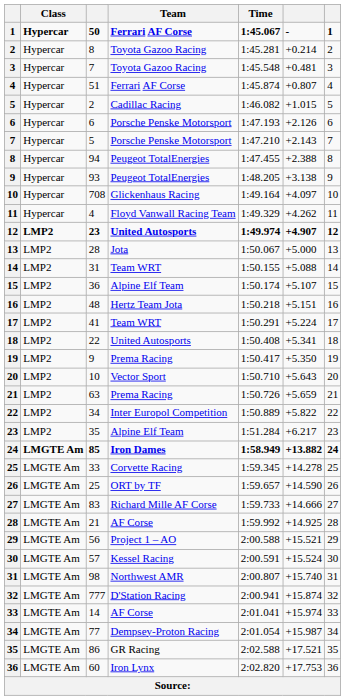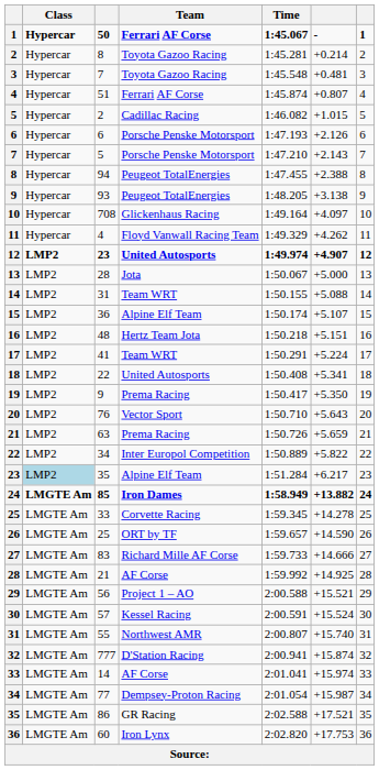 <table class="wikitable" style="font-size:85%;">
 <tr>
 <th></th>
 <th>Class</th>
 <th></th>
 <th>Team</th>
 <th>Time</th>
 <th></th>
 <th></th>
 </tr>
 <tr style="font-weight:bold">
 <th>1</th>
 <td>Hypercar</td>
 <td>50</td>
 <td> <a href='#'>Ferrari</a> <a href='#'>AF Corse</a></td>
 <td>1:45.067</td>
 <td>-</td>
 <td>1</td>
 </tr>
 <tr>
 <th>2</th>
 <td>Hypercar</td>
 <td>8</td>
 <td> <a href='#'>Toyota Gazoo Racing</a></td>
 <td>1:45.281</td>
 <td>+0.214</td>
 <td>2</td>
 </tr>
 <tr>
 <th>3</th>
 <td>Hypercar</td>
 <td>7</td>
 <td> <a href='#'>Toyota Gazoo Racing</a></td>
 <td>1:45.548</td>
 <td>+0.481</td>
 <td>3</td>
 </tr>
 <tr>
 <th>4</th>
 <td>Hypercar</td>
 <td>51</td>
 <td> <a href='#'>Ferrari</a> <a href='#'>AF Corse</a></td>
 <td>1:45.874</td>
 <td>+0.807</td>
 <td>4</td>
 </tr>
 <tr>
 <th>5</th>
 <td>Hypercar</td>
 <td>2</td>
 <td> <a href='#'>Cadillac Racing</a></td>
 <td>1:46.082</td>
 <td>+1.015</td>
 <td>5</td>
 </tr>
 <tr>
 <th>6</th>
 <td>Hypercar</td>
 <td>6</td>
 <td> <a href='#'>Porsche Penske Motorsport</a></td>
 <td>1:47.193</td>
 <td>+2.126</td>
 <td>6</td>
 </tr>
 <tr>
 <th>7</th>
 <td>Hypercar</td>
 <td>5</td>
 <td> <a href='#'>Porsche Penske Motorsport</a></td>
 <td>1:47.210</td>
 <td>+2.143</td>
 <td>7</td>
 </tr>
 <tr>
 <th>8</th>
 <td>Hypercar</td>
 <td>94</td>
 <td> <a href='#'>Peugeot TotalEnergies</a></td>
 <td>1:47.455</td>
 <td>+2.388</td>
 <td>8</td>
 </tr>
 <tr>
 <th>9</th>
 <td>Hypercar</td>
 <td>93</td>
 <td> <a href='#'>Peugeot TotalEnergies</a></td>
 <td>1:48.205</td>
 <td>+3.138</td>
 <td>9</td>
 </tr>
 <tr>
 <th>10</th>
 <td>Hypercar</td>
 <td>708</td>
 <td> <a href='#'>Glickenhaus Racing</a></td>
 <td>1:49.164</td>
 <td>+4.097</td>
 <td>10</td>
 </tr>
 <tr>
 <th>11</th>
 <td>Hypercar</td>
 <td>4</td>
 <td> <a href='#'>Floyd Vanwall Racing Team</a></td>
 <td>1:49.329</td>
 <td>+4.262</td>
 <td>11</td>
 </tr>
 <tr style="font-weight:bold">
 <th>12</th>
 <td>LMP2</td>
 <td>23</td>
 <td> <a href='#'>United Autosports</a></td>
 <td>1:49.974</td>
 <td>+4.907</td>
 <td>12</td>
 </tr>
 <tr>
 <th>13</th>
 <td>LMP2</td>
 <td>28</td>
 <td> <a href='#'>Jota</a></td>
 <td>1:50.067</td>
 <td>+5.000</td>
 <td>13</td>
 </tr>
 <tr>
 <th>14</th>
 <td>LMP2</td>
 <td>31</td>
 <td> <a href='#'>Team WRT</a></td>
 <td>1:50.155</td>
 <td>+5.088</td>
 <td>14</td>
 </tr>
 <tr>
 <th>15</th>
 <td>LMP2</td>
 <td>36</td>
 <td> <a href='#'>Alpine Elf Team</a></td>
 <td>1:50.174</td>
 <td>+5.107</td>
 <td>15</td>
 </tr>
 <tr>
 <th>16</th>
 <td>LMP2</td>
 <td>48</td>
 <td> <a href='#'>Hertz Team Jota</a></td>
 <td>1:50.218</td>
 <td>+5.151</td>
 <td>16</td>
 </tr>
 <tr>
 <th>17</th>
 <td>LMP2</td>
 <td>41</td>
 <td> <a href='#'>Team WRT</a></td>
 <td>1:50.291</td>
 <td>+5.224</td>
 <td>17</td>
 </tr>
 <tr>
 <th>18</th>
 <td>LMP2</td>
 <td>22</td>
 <td> <a href='#'>United Autosports</a></td>
 <td>1:50.408</td>
 <td>+5.341</td>
 <td>18</td>
 </tr>
 <tr>
 <th>19</th>
 <td>LMP2</td>
 <td>9</td>
 <td> <a href='#'>Prema Racing</a></td>
 <td>1:50.417</td>
 <td>+5.350</td>
 <td>19</td>
 </tr>
 <tr>
 <th>20</th>
 <td>LMP2</td>
-<td>10</td>
+<td>76</td>
 <td> <a href='#'>Vector Sport</a></td>
 <td>1:50.710</td>
 <td>+5.643</td>
 <td>20</td>
 </tr>
 <tr>
 <th>21</th>
 <td>LMP2</td>
 <td>63</td>
 <td> <a href='#'>Prema Racing</a></td>
 <td>1:50.726</td>
 <td>+5.659</td>
 <td>21</td>
 </tr>
 <tr>
 <th>22</th>
 <td>LMP2</td>
 <td>34</td>
 <td> <a href='#'>Inter Europol Competition</a></td>
 <td>1:50.889</td>
 <td>+5.822</td>
 <td>22</td>
 </tr>
 <tr>
 <th>23</th>
-<td>LMP2</td>
+<td style="background: lightblue;">LMP2</td>
 <td>35</td>
 <td> <a href='#'>Alpine Elf Team</a></td>
 <td>1:51.284</td>
 <td>+6.217</td>
 <td>23</td>
 </tr>
 <tr style="font-weight:bold">
 <th>24</th>
 <td>LMGTE Am</td>
 <td>85</td>
 <td> <a href='#'>Iron Dames</a></td>
 <td>1:58.949</td>
 <td>+13.882</td>
 <td>24</td>
 </tr>
 <tr>
 <th>25</th>
 <td>LMGTE Am</td>
 <td>33</td>
 <td> <a href='#'>Corvette Racing</a></td>
 <td>1:59.345</td>
 <td>+14.278</td>
 <td>25</td>
 </tr>
 <tr>
 <th>26</th>
 <td>LMGTE Am</td>
 <td>25</td>
 <td> <a href='#'>ORT by TF</a></td>
 <td>1:59.657</td>
 <td>+14.590</td>
 <td>26</td>
 </tr>
 <tr>
 <th>27</th>
 <td>LMGTE Am</td>
 <td>83</td>
 <td> <a href='#'>Richard Mille AF Corse</a></td>
 <td>1:59.733</td>
 <td>+14.666</td>
 <td>27</td>
 </tr>
 <tr>
 <th>28</th>
 <td>LMGTE Am</td>
 <td>21</td>
 <td> <a href='#'>AF Corse</a></td>
 <td>1:59.992</td>
 <td>+14.925</td>
 <td>28</td>
 </tr>
 <tr>
 <th>29</th>
 <td>LMGTE Am</td>
 <td>56</td>
 <td> <a href='#'>Project 1 – AO</a></td>
 <td>2:00.588</td>
 <td>+15.521</td>
 <td>29</td>
 </tr>
 <tr>
 <th>30</th>
 <td>LMGTE Am</td>
 <td>57</td>
 <td> <a href='#'>Kessel Racing</a></td>
 <td>2:00.591</td>
 <td>+15.524</td>
 <td>30</td>
 </tr>
 <tr>
 <th>31</th>
 <td>LMGTE Am</td>
-<td>98</td>
+<td>55</td>
 <td> <a href='#'>Northwest AMR</a></td>
 <td>2:00.807</td>
 <td>+15.740</td>
 <td>31</td>
 </tr>
 <tr>
 <th>32</th>
 <td>LMGTE Am</td>
 <td>777</td>
 <td> <a href='#'>D'Station Racing</a></td>
 <td>2:00.941</td>
 <td>+15.874</td>
 <td>32</td>
 </tr>
 <tr>
 <th>33</th>
 <td>LMGTE Am</td>
 <td>14</td>
 <td> <a href='#'>AF Corse</a></td>
 <td>2:01.041</td>
 <td>+15.974</td>
 <td>33</td>
 </tr>
 <tr>
 <th>34</th>
 <td>LMGTE Am</td>
 <td>77</td>
 <td> <a href='#'>Dempsey-Proton Racing</a></td>
 <td>2:01.054</td>
 <td>+15.987</td>
 <td>34</td>
 </tr>
 <tr>
 <th>35</th>
 <td>LMGTE Am</td>
 <td>86</td>
 <td> GR Racing</td>
 <td>2:02.588</td>
 <td>+17.521</td>
 <td>35</td>
 </tr>
 <tr>
 <th>36</th>
 <td>LMGTE Am</td>
 <td>60</td>
 <td> <a href='#'>Iron Lynx</a></td>
 <td>2:02.820</td>
 <td>+17.753</td>
 <td>36</td>
 </tr>
 <tr>
 <th colspan="7">Source:</th>
 </tr>
 </table>
